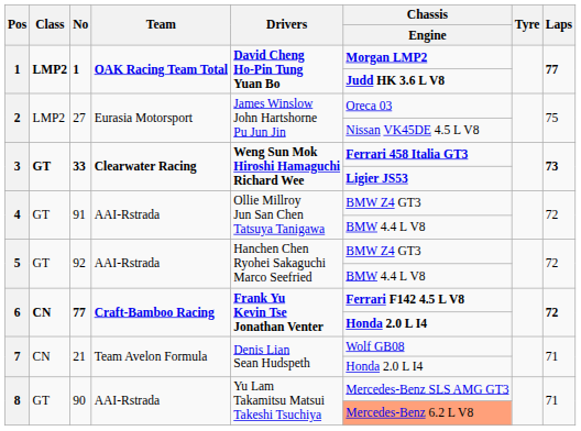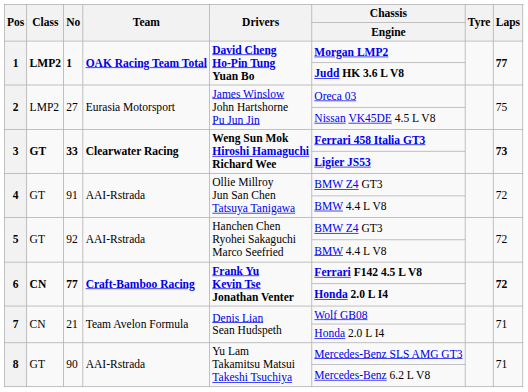 <table class="wikitable">
 <tr>
 <th rowspan="2">Pos</th>
 <th rowspan="2">Class</th>
 <th rowspan="2">No</th>
 <th rowspan="2">Team</th>
 <th rowspan="2">Drivers</th>
 <th>Chassis</th>
 <th rowspan="2">Tyre</th>
 <th rowspan="2">Laps</th>
 </tr>
 <tr>
 <th>Engine</th>
 </tr>
 <tr>
 <th rowspan="2">1</th>
 <td rowspan="2"><strong>LMP2</strong></td>
 <td rowspan="2"><strong>1</strong></td>
 <td rowspan="2"><strong> <a href='#'>OAK Racing Team Total</a></strong></td>
 <td rowspan="2"><strong> <a href='#'>David Cheng</a></strong><br><strong> <a href='#'>Ho-Pin Tung</a></strong><br><strong> Yuan Bo</strong></td>
 <td><strong><a href='#'>Morgan LMP2</a></strong></td>
 <td rowspan="2"></td>
 <td rowspan="2"><strong>77</strong></td>
 </tr>
 <tr>
 <td><strong><a href='#'>Judd</a> HK 3.6 L V8</strong></td>
 </tr>
 <tr>
 <th rowspan="2">2</th>
 <td rowspan="2">LMP2</td>
 <td rowspan="2">27</td>
 <td rowspan="2"> Eurasia Motorsport</td>
 <td rowspan="2"> <a href='#'>James Winslow</a><br> John Hartshorne<br> <a href='#'>Pu Jun Jin</a></td>
 <td><a href='#'>Oreca 03</a></td>
 <td rowspan="2"></td>
 <td rowspan="2">75</td>
 </tr>
 <tr>
 <td><a href='#'>Nissan</a> <a href='#'>VK45DE</a> 4.5 L V8</td>
 </tr>
 <tr>
 <th rowspan="2">3</th>
 <td rowspan="2"><strong>GT</strong></td>
 <td rowspan="2"><strong>33</strong></td>
 <td rowspan="2"><strong> Clearwater Racing</strong></td>
 <td rowspan="2"><strong> Weng Sun Mok</strong><br><strong> <a href='#'>Hiroshi Hamaguchi</a></strong><br><strong> Richard Wee</strong></td>
 <td><a href='#'><strong>Ferrari 458 Italia GT3</strong></a></td>
 <td rowspan="2"></td>
 <td rowspan="2"><strong>73</strong></td>
 </tr>
 <tr>
 <td><strong><a href='#'>Ligier JS53</a></strong></td>
 </tr>
 <tr>
 <th rowspan="2">4</th>
 <td rowspan="2">GT</td>
 <td rowspan="2">91</td>
 <td rowspan="2"> AAI-Rstrada</td>
 <td rowspan="2"> Ollie Millroy<br> Jun San Chen<br> <a href='#'>Tatsuya Tanigawa</a></td>
 <td><a href='#'>BMW Z4</a> GT3</td>
 <td rowspan="2"></td>
 <td rowspan="2">72</td>
 </tr>
 <tr>
 <td><a href='#'>BMW</a> 4.4 L V8</td>
 </tr>
 <tr>
 <th rowspan="2">5</th>
 <td rowspan="2">GT</td>
 <td rowspan="2">92</td>
 <td rowspan="2"> AAI-Rstrada</td>
 <td rowspan="2"> Hanchen Chen<br> Ryohei Sakaguchi<br> Marco Seefried</td>
 <td><a href='#'>BMW Z4</a> GT3</td>
 <td rowspan="2"></td>
 <td rowspan="2">72</td>
 </tr>
 <tr>
 <td><a href='#'>BMW</a> 4.4 L V8</td>
 </tr>
 <tr>
 <th rowspan="2">6</th>
 <td rowspan="2"><strong>CN</strong></td>
 <td rowspan="2"><strong>77</strong></td>
 <td rowspan="2"><strong> <a href='#'>Craft-Bamboo Racing</a></strong></td>
 <td rowspan="2"><strong> <a href='#'>Frank Yu</a><br> <a href='#'>Kevin Tse</a><br> Jonathan Venter</strong></td>
 <td><strong><a href='#'>Ferrari</a> F142 4.5 L V8</strong></td>
 <td rowspan="2"></td>
 <td rowspan="2"><strong>72</strong></td>
 </tr>
 <tr>
 <td><strong><a href='#'>Honda</a> 2.0 L I4</strong></td>
 </tr>
 <tr>
 <th rowspan="2">7</th>
 <td rowspan="2">CN</td>
 <td rowspan="2">21</td>
 <td rowspan="2"> Team Avelon Formula</td>
 <td rowspan="2"> <a href='#'>Denis Lian</a><br> Sean Hudspeth</td>
 <td><a href='#'>Wolf GB08</a></td>
 <td rowspan="2"></td>
 <td rowspan="2">71</td>
 </tr>
 <tr>
 <td><a href='#'>Honda</a> 2.0 L I4</td>
 </tr>
 <tr>
 <th rowspan="2">8</th>
 <td rowspan="2">GT</td>
 <td rowspan="2">90</td>
 <td rowspan="2"> AAI-Rstrada</td>
 <td rowspan="2"> Yu Lam<br> Takamitsu Matsui<br> <a href='#'>Takeshi Tsuchiya</a></td>
 <td><a href='#'>Mercedes-Benz SLS AMG GT3</a></td>
 <td rowspan="2"></td>
 <td rowspan="2">71</td>
 </tr>
 <tr>
-<td style="background: lightsalmon;"><a href='#'>Mercedes-Benz</a> 6.2 L V8</td>
+<td><a href='#'>Mercedes-Benz</a> 6.2 L V8</td>
 </tr>
 </table>
